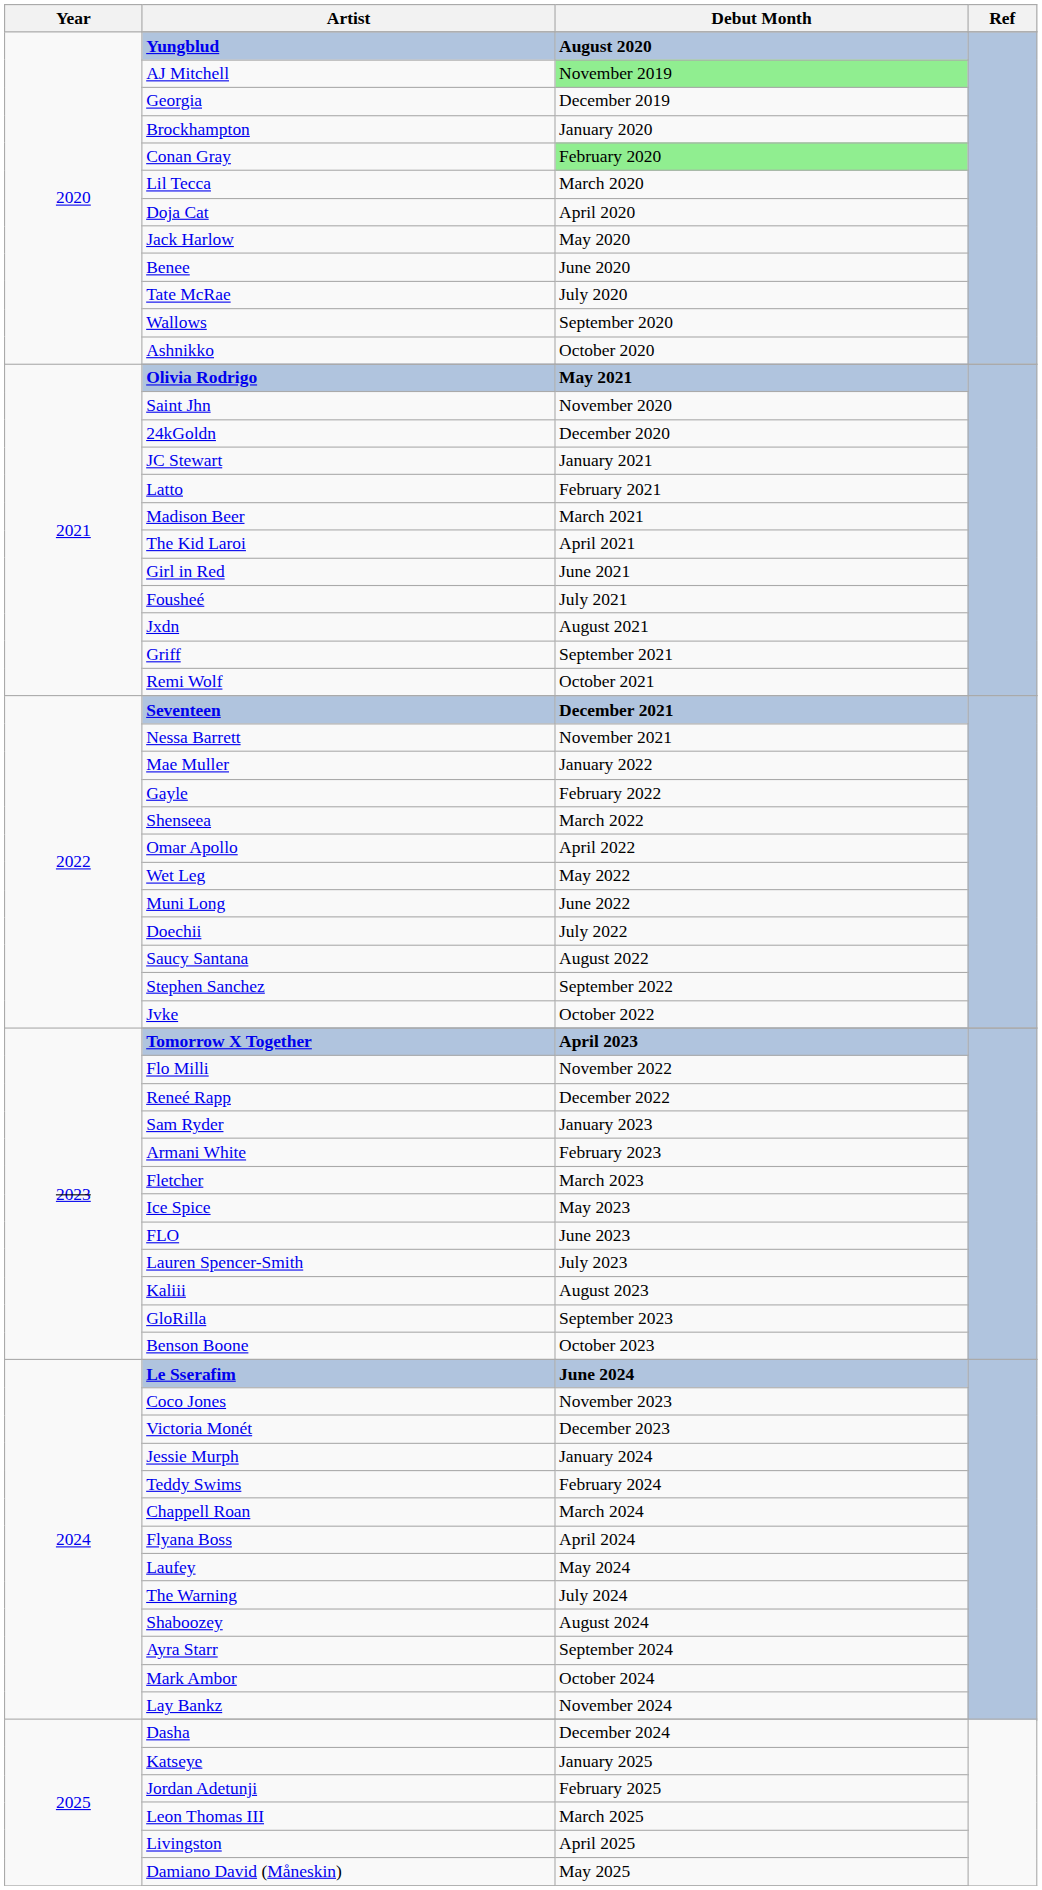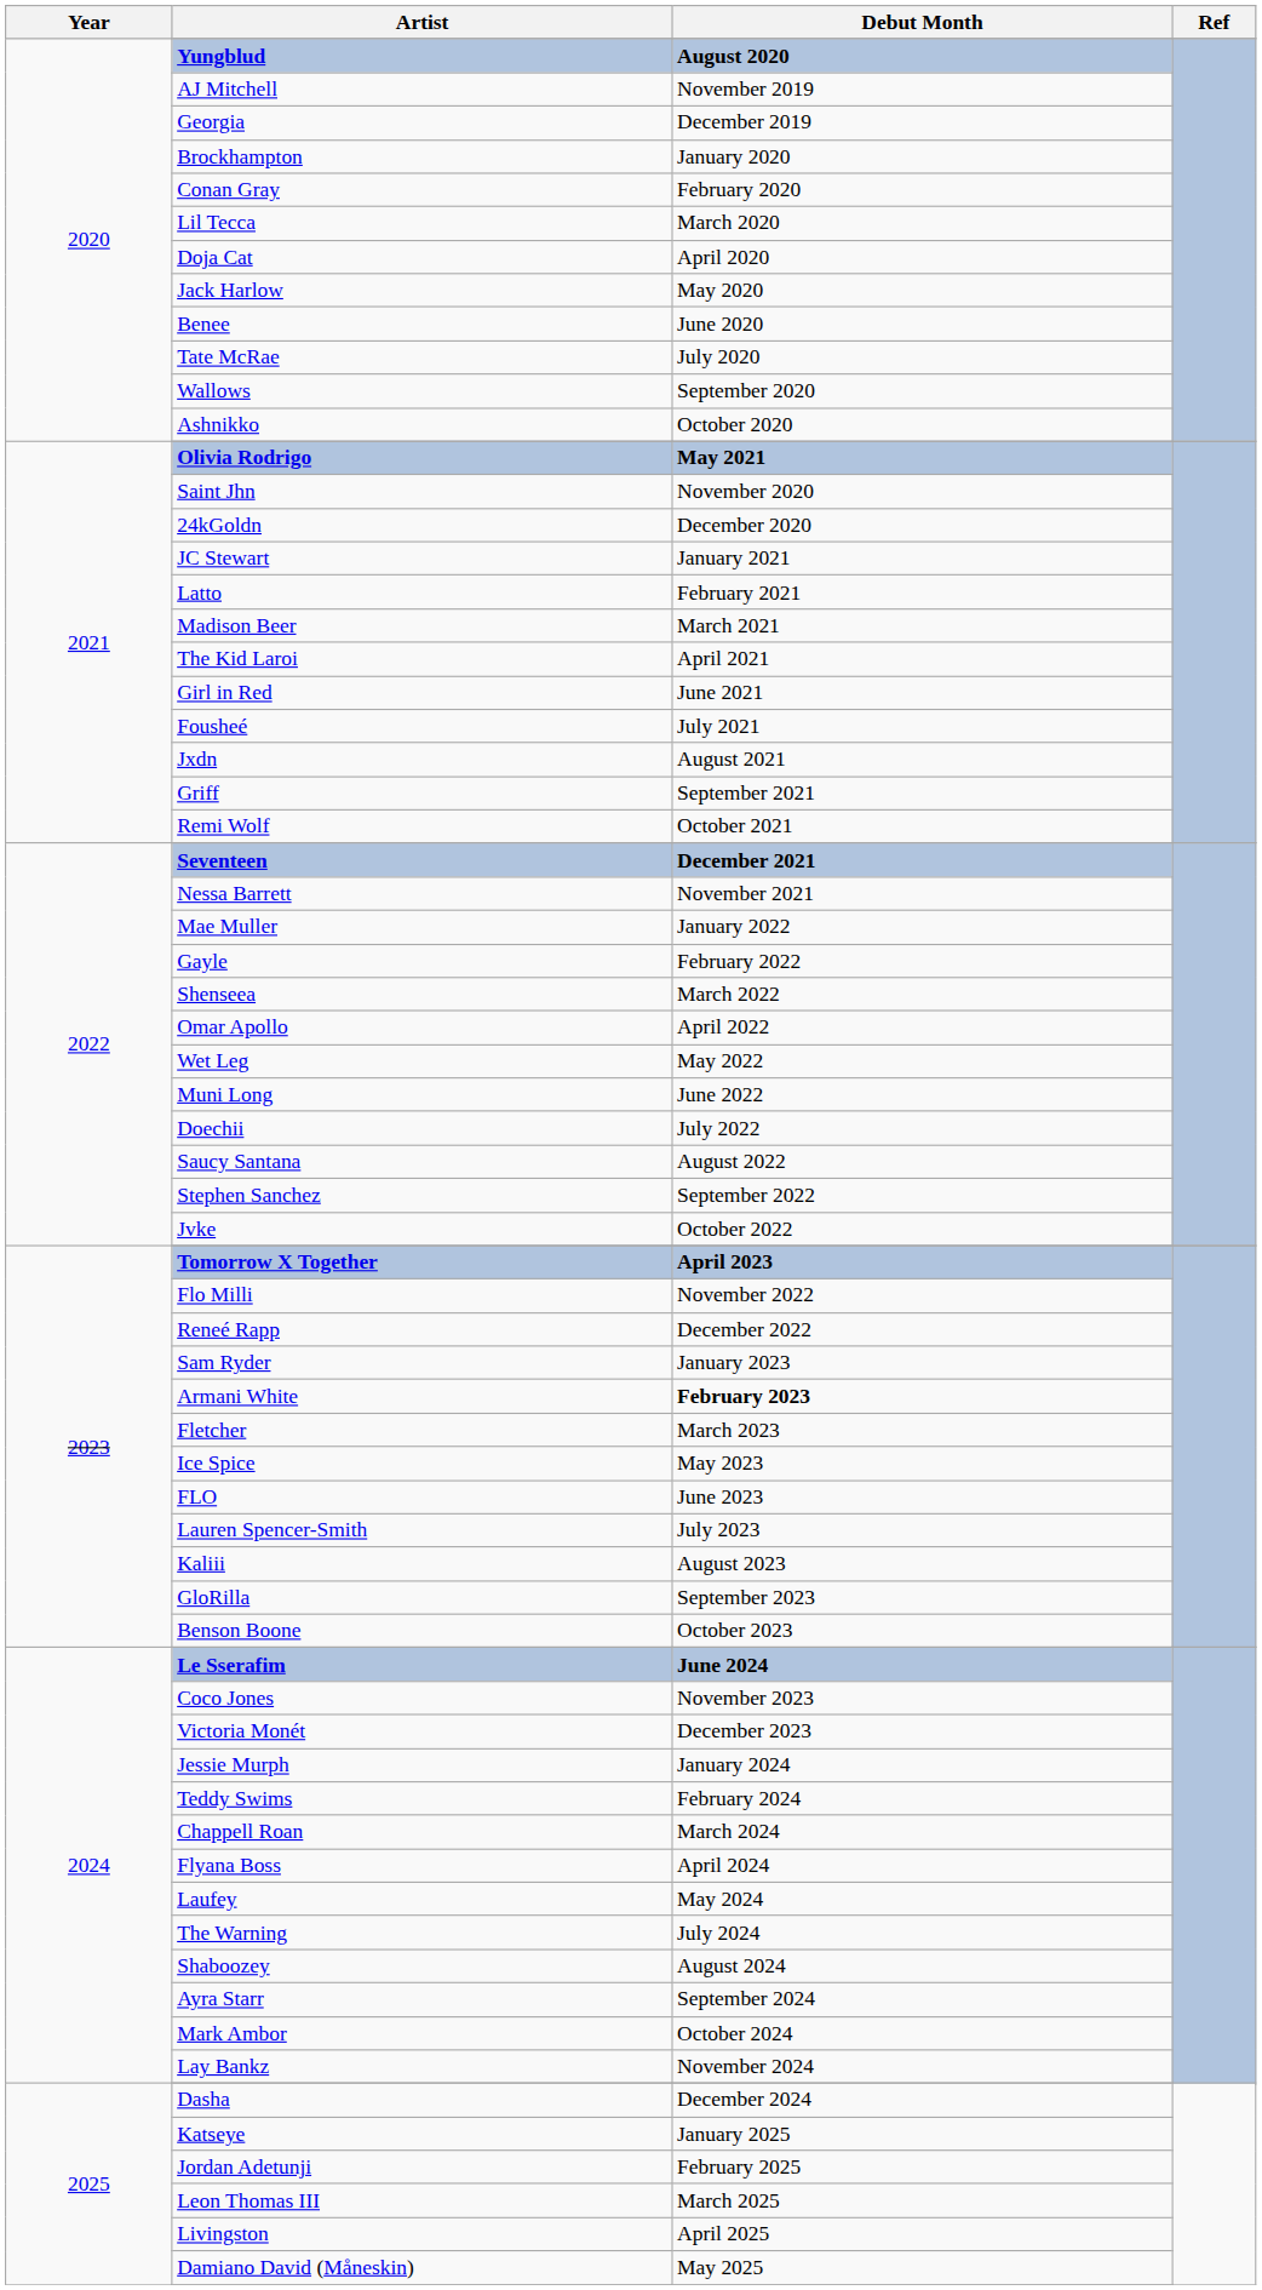 <table class="wikitable" style="width:75%;">
 <tr style="background:#bebebe;">
 <th style="width:10%;">Year</th>
 <th style="width:30%;">Artist</th>
 <th style="width:30%;">Debut Month</th>
 <th style="width:5%;">Ref</th>
 </tr>
 <tr>
 <td rowspan="13" align="center"><a href='#'>2020</a></td>
 </tr>
 <tr style="background:#B0C4DE">
 <td><strong><a href='#'>Yungblud</a></strong></td>
 <td><strong>August 2020</strong></td>
 <td rowspan="12" align="center"></td>
 </tr>
 <tr>
 <td><a href='#'>AJ Mitchell</a></td>
-<td style="background: lightgreen;">November 2019</td>
+<td>November 2019</td>
 </tr>
 <tr>
 <td><a href='#'>Georgia</a></td>
 <td>December 2019</td>
 </tr>
 <tr>
 <td><a href='#'>Brockhampton</a></td>
 <td>January 2020</td>
 </tr>
 <tr>
 <td><a href='#'>Conan Gray</a></td>
-<td style="background: lightgreen;">February 2020</td>
+<td>February 2020</td>
 </tr>
 <tr>
 <td><a href='#'>Lil Tecca</a></td>
 <td>March 2020</td>
 </tr>
 <tr>
 <td><a href='#'>Doja Cat</a></td>
 <td>April 2020</td>
 </tr>
 <tr>
 <td><a href='#'>Jack Harlow</a></td>
 <td>May 2020</td>
 </tr>
 <tr>
 <td><a href='#'>Benee</a></td>
 <td>June 2020</td>
 </tr>
 <tr>
 <td><a href='#'>Tate McRae</a></td>
 <td>July 2020</td>
 </tr>
 <tr>
 <td><a href='#'>Wallows</a></td>
 <td>September 2020</td>
 </tr>
 <tr>
 <td><a href='#'>Ashnikko</a></td>
 <td>October 2020</td>
 </tr>
 <tr>
 <td rowspan="13" align="center"><a href='#'>2021</a></td>
 </tr>
 <tr style="background:#B0C4DE">
 <td><strong><a href='#'>Olivia Rodrigo</a></strong></td>
 <td><strong>May 2021</strong></td>
 <td rowspan="12" align="center"></td>
 </tr>
 <tr>
 <td><a href='#'>Saint Jhn</a></td>
 <td>November 2020</td>
 </tr>
 <tr>
 <td><a href='#'>24kGoldn</a></td>
 <td>December 2020</td>
 </tr>
 <tr>
 <td><a href='#'>JC Stewart</a></td>
 <td>January 2021</td>
 </tr>
 <tr>
 <td><a href='#'>Latto</a></td>
 <td>February 2021</td>
 </tr>
 <tr>
 <td><a href='#'>Madison Beer</a></td>
 <td>March 2021</td>
 </tr>
 <tr>
 <td><a href='#'>The Kid Laroi</a></td>
 <td>April 2021</td>
 </tr>
 <tr>
 <td><a href='#'>Girl in Red</a></td>
 <td>June 2021</td>
 </tr>
 <tr>
 <td><a href='#'>Fousheé</a></td>
 <td>July 2021</td>
 </tr>
 <tr>
 <td><a href='#'>Jxdn</a></td>
 <td>August 2021</td>
 </tr>
 <tr>
 <td><a href='#'>Griff</a></td>
 <td>September 2021</td>
 </tr>
 <tr>
 <td><a href='#'>Remi Wolf</a></td>
 <td>October 2021</td>
 </tr>
 <tr>
 <td rowspan="13" align="center"><a href='#'>2022</a></td>
 </tr>
 <tr style="background:#B0C4DE">
 <td><strong><a href='#'>Seventeen</a></strong></td>
 <td><strong>December 2021</strong></td>
 <td rowspan="12" align="center"></td>
 </tr>
 <tr>
 <td><a href='#'>Nessa Barrett</a></td>
 <td>November 2021</td>
 </tr>
 <tr>
 <td><a href='#'>Mae Muller</a></td>
 <td>January 2022</td>
 </tr>
 <tr>
 <td><a href='#'>Gayle</a></td>
 <td>February 2022</td>
 </tr>
 <tr>
 <td><a href='#'>Shenseea</a></td>
 <td>March 2022</td>
 </tr>
 <tr>
 <td><a href='#'>Omar Apollo</a></td>
 <td>April 2022</td>
 </tr>
 <tr>
 <td><a href='#'>Wet Leg</a></td>
 <td>May 2022</td>
 </tr>
 <tr>
 <td><a href='#'>Muni Long</a></td>
 <td>June 2022</td>
 </tr>
 <tr>
 <td><a href='#'>Doechii</a></td>
 <td>July 2022</td>
 </tr>
 <tr>
 <td><a href='#'>Saucy Santana</a></td>
 <td>August 2022</td>
 </tr>
 <tr>
 <td><a href='#'>Stephen Sanchez</a></td>
 <td>September 2022</td>
 </tr>
 <tr>
 <td><a href='#'>Jvke</a></td>
 <td>October 2022</td>
 </tr>
 <tr>
 <td rowspan="13" align="center"><s><a href='#'>2023</a></s> </td>
 </tr>
 <tr style="background:#B0C4DE">
 <td><strong><a href='#'>Tomorrow X Together</a></strong></td>
 <td><strong>April 2023</strong></td>
 <td rowspan="12" align="center"></td>
 </tr>
 <tr>
 <td><a href='#'>Flo Milli</a></td>
 <td>November 2022</td>
 </tr>
 <tr>
 <td><a href='#'>Reneé Rapp</a></td>
 <td>December 2022</td>
 </tr>
 <tr>
 <td><a href='#'>Sam Ryder</a></td>
 <td>January 2023</td>
 </tr>
 <tr>
 <td><a href='#'>Armani White</a></td>
-<td>February 2023</td>
+<td><strong>February 2023</strong></td>
 </tr>
 <tr>
 <td><a href='#'>Fletcher</a></td>
 <td>March 2023</td>
 </tr>
 <tr>
 <td><a href='#'>Ice Spice</a></td>
 <td>May 2023</td>
 </tr>
 <tr>
 <td><a href='#'>FLO</a></td>
 <td>June 2023</td>
 </tr>
 <tr>
 <td><a href='#'>Lauren Spencer-Smith</a></td>
 <td>July 2023</td>
 </tr>
 <tr>
 <td><a href='#'>Kaliii</a></td>
 <td>August 2023</td>
 </tr>
 <tr>
 <td><a href='#'>GloRilla</a></td>
 <td>September 2023</td>
 </tr>
 <tr>
 <td><a href='#'>Benson Boone</a></td>
 <td>October 2023</td>
 </tr>
 <tr>
 <td rowspan="14" align="center"><a href='#'>2024</a></td>
 </tr>
 <tr style="background:#B0C4DE">
 <td><strong><a href='#'>Le Sserafim</a></strong></td>
 <td><strong>June 2024</strong></td>
 <td rowspan="14" align="center"></td>
 </tr>
 <tr>
 <td><a href='#'>Coco Jones</a></td>
 <td>November 2023</td>
 </tr>
 <tr>
 <td><a href='#'>Victoria Monét</a></td>
 <td>December 2023</td>
 </tr>
 <tr>
 <td><a href='#'>Jessie Murph</a></td>
 <td>January 2024</td>
 </tr>
 <tr>
 <td><a href='#'>Teddy Swims</a></td>
 <td>February 2024</td>
 </tr>
 <tr>
 <td><a href='#'>Chappell Roan</a></td>
 <td>March 2024</td>
 </tr>
 <tr>
 <td><a href='#'>Flyana Boss</a></td>
 <td>April 2024</td>
 </tr>
 <tr>
 <td><a href='#'>Laufey</a></td>
 <td>May 2024</td>
 </tr>
 <tr>
 <td><a href='#'>The Warning</a></td>
 <td>July 2024</td>
 </tr>
 <tr>
 <td><a href='#'>Shaboozey</a></td>
 <td>August 2024</td>
 </tr>
 <tr>
 <td><a href='#'>Ayra Starr</a></td>
 <td>September 2024</td>
 </tr>
 <tr>
 <td><a href='#'>Mark Ambor</a></td>
 <td>October 2024</td>
 </tr>
 <tr>
 <td><a href='#'>Lay Bankz</a></td>
 <td>November 2024</td>
 </tr>
 <tr>
 <td rowspan="14" align="center"><a href='#'>2025</a></td>
 </tr>
 <tr>
 <td><a href='#'>Dasha</a></td>
 <td>December 2024</td>
 <td rowspan="14" align="center"></td>
 </tr>
 <tr>
 <td><a href='#'>Katseye</a></td>
 <td>January 2025</td>
 </tr>
 <tr>
 <td><a href='#'>Jordan Adetunji</a></td>
 <td>February 2025</td>
 </tr>
 <tr>
 <td><a href='#'>Leon Thomas III</a></td>
 <td>March 2025</td>
 </tr>
 <tr>
 <td><a href='#'>Livingston</a></td>
 <td>April 2025</td>
 </tr>
 <tr>
 <td><a href='#'>Damiano David</a> (<a href='#'>Måneskin</a>)</td>
 <td>May 2025</td>
 </tr>
 <tr>
 </tr>
 </table>
